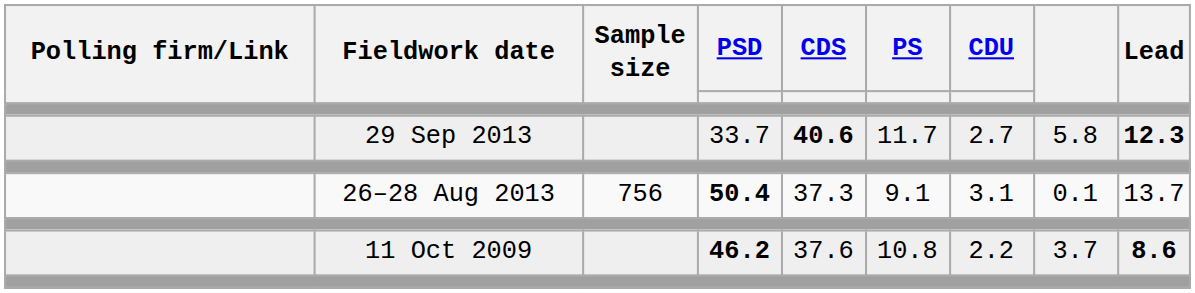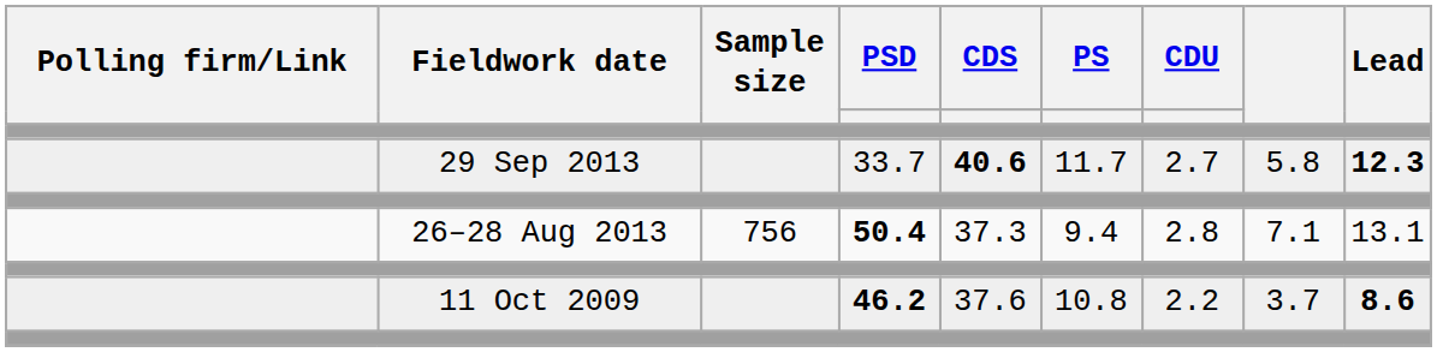 <table class="wikitable collapsible sortable" style="text-align:center; font-size:95%; line-height:16px;">
 <tr style="height:42px;">
 <th style="width:145px;" rowspan="2">Polling firm/Link</th>
 <th style="width:125px;" rowspan="2">Fieldwork date</th>
 <th class="unsortable" style="width:50px;" rowspan="2">Sample size</th>
 <th class="unsortable" style="width:35px;"><a href='#'>PSD</a></th>
 <th class="unsortable" style="width:35px;"><a href='#'>CDS</a></th>
 <th class="unsortable" style="width:35px;"><a href='#'>PS</a></th>
 <th class="unsortable" style="width:35px;"><a href='#'>CDU</a></th>
 <th class="unsortable" style="width:35px;" rowspan="2"></th>
 <th class="unsortable" style="width:30px;" rowspan="2">Lead</th>
 </tr>
 <tr>
 <th class="unsortable" style="color:inherit;background:"></th>
 <th class="unsortable" style="color:inherit;background:"></th>
 <th class="unsortable" style="color:inherit;background:"></th>
 <th class="unsortable" style="color:inherit;background:"></th>
 </tr>
 <tr>
 <td colspan="13" style="background:#A0A0A0"></td>
 </tr>
 <tr style="background:#EFEFEF;">
 <td><strong></strong></td>
 <td data-sort-value="2019-10-06">29 Sep 2013</td>
 <td></td>
 <td>33.7<br></td>
 <td><strong>40.6</strong><br></td>
 <td>11.7<br></td>
 <td>2.7<br></td>
 <td>5.8</td>
 <td style="background:"><strong>12.3</strong></td>
 </tr>
 <tr>
 <td colspan="13" style="background:#A0A0A0"></td>
 </tr>
 <tr>
 <td align="center"></td>
 <td align="center">26–28 Aug 2013</td>
 <td>756</td>
 <td align="center" ><strong>50.4</strong></td>
 <td align="center">37.3</td>
-<td align="center">9.1</td>
-<td align="center">3.1</td>
-<td align="center">0.1</td>
-<td style="background:">13.7</td>
+<td align="center">9.4</td>
+<td align="center">2.8</td>
+<td align="center">7.1</td>
+<td style="background:">13.1</td>
 </tr>
 <tr>
 <td colspan="13" style="background:#A0A0A0"></td>
 </tr>
 <tr style="background:#EFEFEF;">
 <td><strong></strong></td>
 <td data-sort-value="2019-10-06">11 Oct 2009</td>
 <td></td>
 <td><strong>46.2</strong><br></td>
 <td>37.6<br></td>
 <td>10.8<br></td>
 <td>2.2<br></td>
 <td>3.7</td>
 <td style="background:"><strong>8.6</strong></td>
 </tr>
 <tr>
 <td colspan="13" style="background:#A0A0A0"></td>
 </tr>
 <tr>
 </tr>
 </table>
